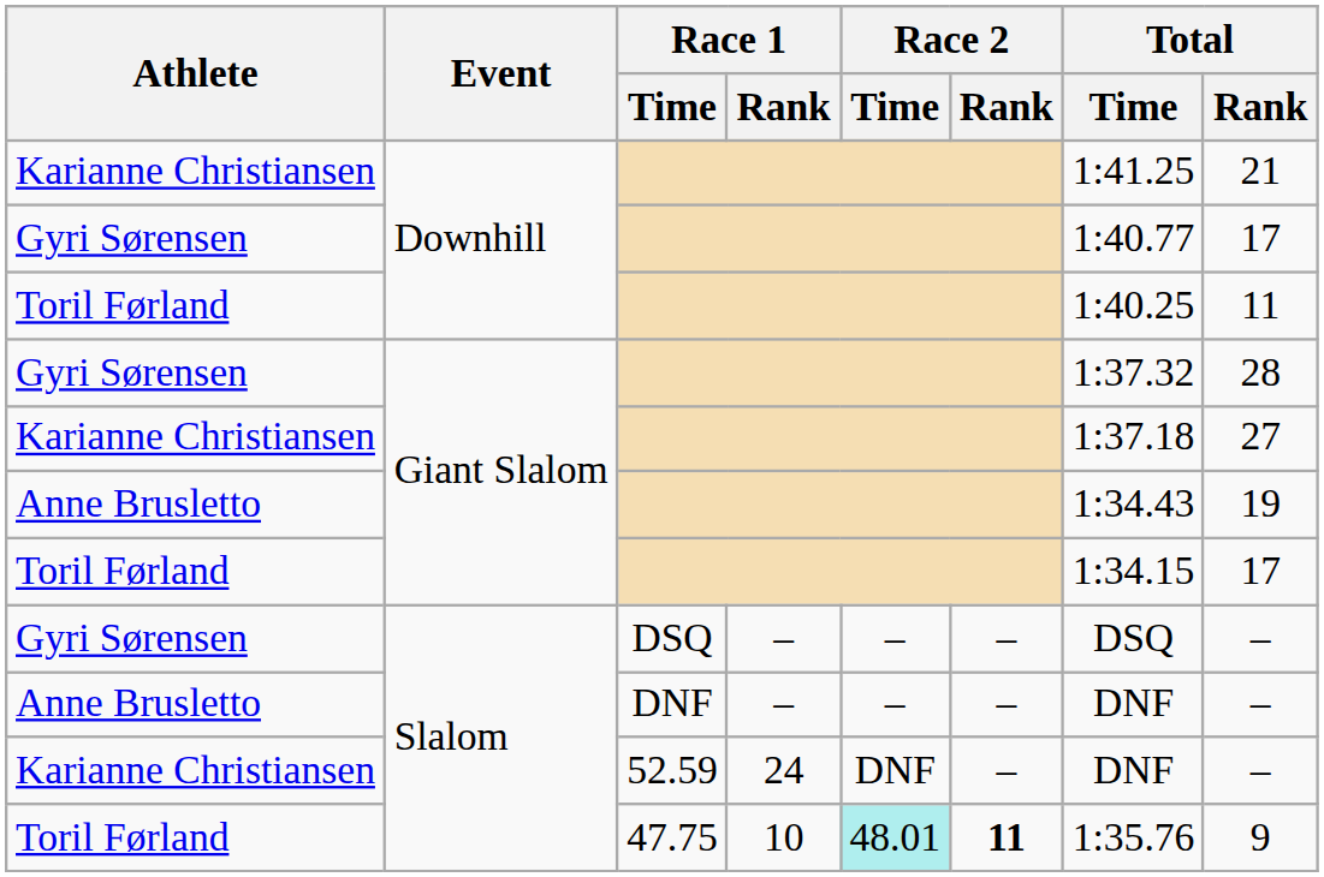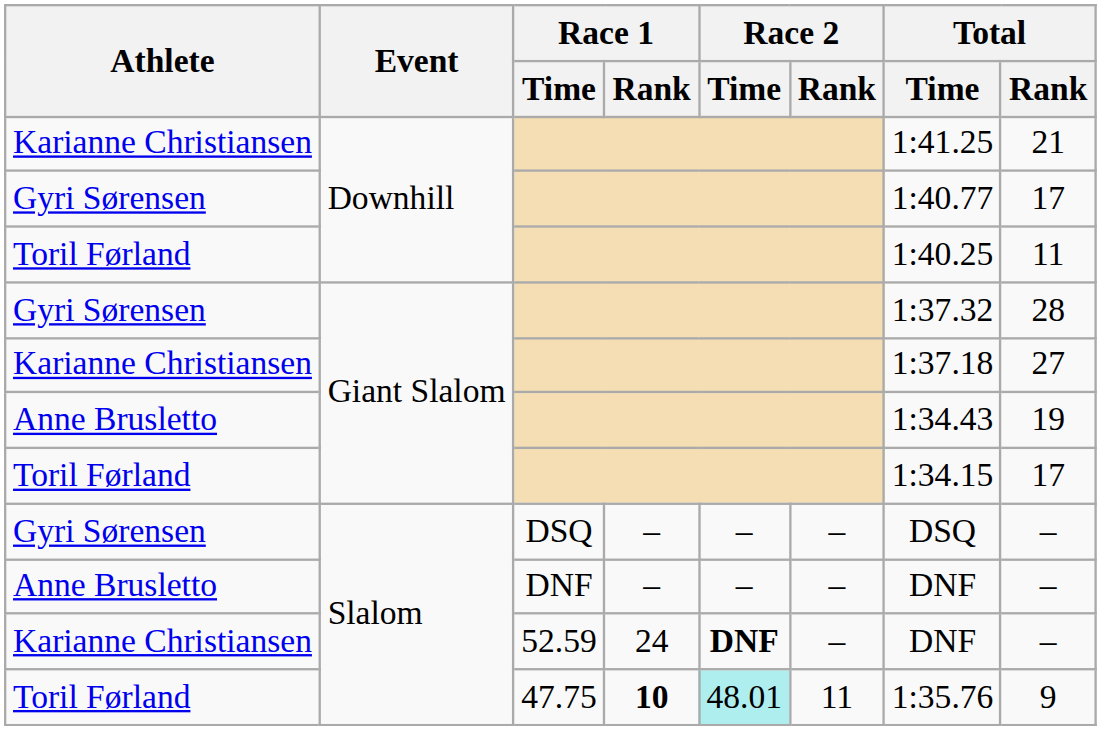 <table class="wikitable" style="font-size:90%">
 <tr>
 <th rowspan="2">Athlete</th>
 <th rowspan="2">Event</th>
 <th colspan="2">Race 1</th>
 <th colspan="2">Race 2</th>
 <th colspan="2">Total</th>
 </tr>
 <tr>
 <th>Time</th>
 <th>Rank</th>
 <th>Time</th>
 <th>Rank</th>
 <th>Time</th>
 <th>Rank</th>
 </tr>
 <tr>
 <td><a href='#'>Karianne Christiansen</a></td>
 <td rowspan="3">Downhill</td>
 <td colspan="4" bgcolor="wheat"></td>
 <td align="center">1:41.25</td>
 <td align="center">21</td>
 </tr>
 <tr>
 <td><a href='#'>Gyri Sørensen</a></td>
 <td colspan="4" bgcolor="wheat"></td>
 <td align="center">1:40.77</td>
 <td align="center">17</td>
 </tr>
 <tr>
 <td><a href='#'>Toril Førland</a></td>
 <td colspan="4" bgcolor="wheat"></td>
 <td align="center">1:40.25</td>
 <td align="center">11</td>
 </tr>
 <tr>
 <td><a href='#'>Gyri Sørensen</a></td>
 <td rowspan="4">Giant Slalom</td>
 <td colspan="4" bgcolor="wheat"></td>
 <td align="center">1:37.32</td>
 <td align="center">28</td>
 </tr>
 <tr>
 <td><a href='#'>Karianne Christiansen</a></td>
 <td colspan="4" bgcolor="wheat"></td>
 <td align="center">1:37.18</td>
 <td align="center">27</td>
 </tr>
 <tr>
 <td><a href='#'>Anne Brusletto</a></td>
 <td colspan="4" bgcolor="wheat"></td>
 <td align="center">1:34.43</td>
 <td align="center">19</td>
 </tr>
 <tr>
 <td><a href='#'>Toril Førland</a></td>
 <td colspan="4" bgcolor="wheat"></td>
 <td align="center">1:34.15</td>
 <td align="center">17</td>
 </tr>
 <tr>
 <td><a href='#'>Gyri Sørensen</a></td>
 <td rowspan="4">Slalom</td>
 <td align="center">DSQ</td>
 <td align="center">–</td>
 <td align="center">–</td>
 <td align="center">–</td>
 <td align="center">DSQ</td>
 <td align="center">–</td>
 </tr>
 <tr>
 <td><a href='#'>Anne Brusletto</a></td>
 <td align="center">DNF</td>
 <td align="center">–</td>
 <td align="center">–</td>
 <td align="center">–</td>
 <td align="center">DNF</td>
 <td align="center">–</td>
 </tr>
 <tr>
 <td><a href='#'>Karianne Christiansen</a></td>
 <td align="center">52.59</td>
 <td align="center">24</td>
-<td align="center">DNF</td>
+<td align="center"><strong>DNF</strong></td>
 <td align="center">–</td>
 <td align="center">DNF</td>
 <td align="center">–</td>
 </tr>
 <tr>
 <td><a href='#'>Toril Førland</a></td>
 <td align="center">47.75</td>
-<td align="center">10</td>
+<td align="center"><strong>10</strong></td>
 <td align="center" style="background: paleturquoise;">48.01</td>
-<td align="center"><strong>11</strong></td>
+<td align="center">11</td>
 <td align="center">1:35.76</td>
 <td align="center">9</td>
 </tr>
 </table>
